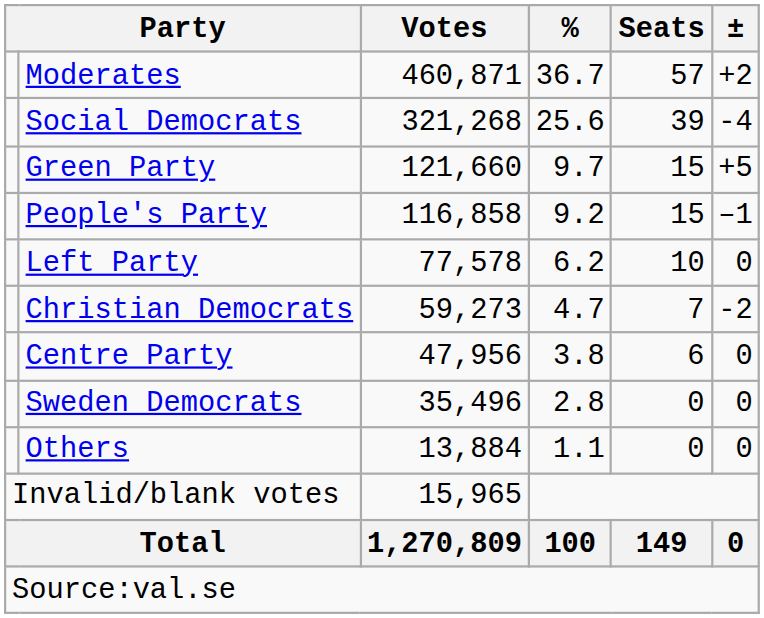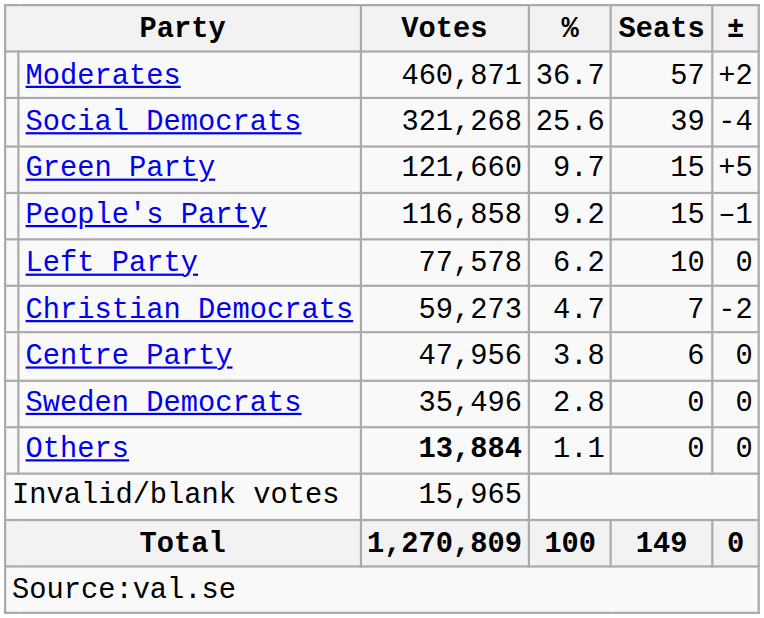 <table class=wikitable style=text-align:right>
 <tr>
 <th colspan=2>Party</th>
 <th>Votes</th>
 <th>%</th>
 <th>Seats</th>
 <th>±</th>
 </tr>
 <tr>
 <td bgcolor=></td>
 <td align=left><a href='#'>Moderates</a></td>
 <td>460,871</td>
 <td>36.7</td>
 <td>57</td>
 <td>+2</td>
 </tr>
 <tr>
 <td bgcolor=></td>
 <td align=left><a href='#'>Social Democrats</a></td>
 <td>321,268</td>
 <td>25.6</td>
 <td>39</td>
 <td>-4</td>
 </tr>
 <tr>
 <td bgcolor=></td>
 <td align=left><a href='#'>Green Party</a></td>
 <td>121,660</td>
 <td>9.7</td>
 <td>15</td>
 <td>+5</td>
 </tr>
 <tr>
 <td bgcolor=></td>
 <td align=left><a href='#'>People's Party</a></td>
 <td>116,858</td>
 <td>9.2</td>
 <td>15</td>
 <td>–1</td>
 </tr>
 <tr>
 <td bgcolor=></td>
 <td align=left><a href='#'>Left Party</a></td>
 <td>77,578</td>
 <td>6.2</td>
 <td>10</td>
 <td>0</td>
 </tr>
 <tr>
 <td bgcolor=></td>
 <td align=left><a href='#'>Christian Democrats</a></td>
 <td>59,273</td>
 <td>4.7</td>
 <td>7</td>
 <td>-2</td>
 </tr>
 <tr>
 <td bgcolor=></td>
 <td align=left><a href='#'>Centre Party</a></td>
 <td>47,956</td>
 <td>3.8</td>
 <td>6</td>
 <td>0</td>
 </tr>
 <tr>
 <td bgcolor=></td>
 <td align=left><a href='#'>Sweden Democrats</a></td>
 <td>35,496</td>
 <td>2.8</td>
 <td>0</td>
 <td>0</td>
 </tr>
 <tr>
 <td></td>
 <td align=left><a href='#'>Others</a></td>
-<td>13,884</td>
+<td><strong>13,884</strong></td>
 <td>1.1</td>
 <td>0</td>
 <td>0</td>
 </tr>
 <tr>
 <td align=left colspan=2>Invalid/blank votes</td>
 <td>15,965</td>
 <td colspan=3></td>
 </tr>
 <tr>
 <th align=left colspan=2>Total</th>
 <th>1,270,809</th>
 <th>100</th>
 <th>149</th>
 <th>0</th>
 </tr>
 <tr>
 <td align=left colspan=6>Source:val.se </td>
 </tr>
 </table>
